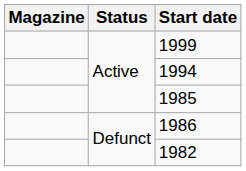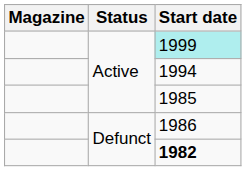 <table class="wikitable sortable">
 <tr>
 <th>Magazine</th>
 <th>Status</th>
 <th>Start date</th>
 </tr>
 <tr>
 <td></td>
 <td rowspan="3">Active</td>
-<td>1999</td>
+<td style="background: paleturquoise;">1999</td>
 </tr>
 <tr>
 <td></td>
 <td>1994</td>
 </tr>
 <tr>
 <td></td>
 <td>1985</td>
 </tr>
 <tr>
 <td></td>
 <td rowspan="2">Defunct</td>
 <td>1986</td>
 </tr>
 <tr>
 <td></td>
-<td>1982</td>
+<td><strong>1982</strong></td>
 </tr>
 </table>
